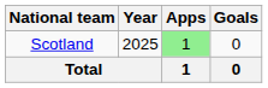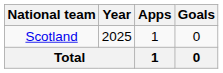 <table class="wikitable" style="text-align:center">
 <tr>
 <th>National team</th>
 <th>Year</th>
 <th>Apps</th>
 <th>Goals</th>
 </tr>
 <tr>
 <td><a href='#'>Scotland</a></td>
 <td>2025</td>
-<td style="background: lightgreen;">1</td>
+<td>1</td>
 <td>0</td>
 </tr>
 <tr>
 <th colspan="2">Total</th>
 <th>1</th>
 <th>0</th>
 </tr>
 </table>
